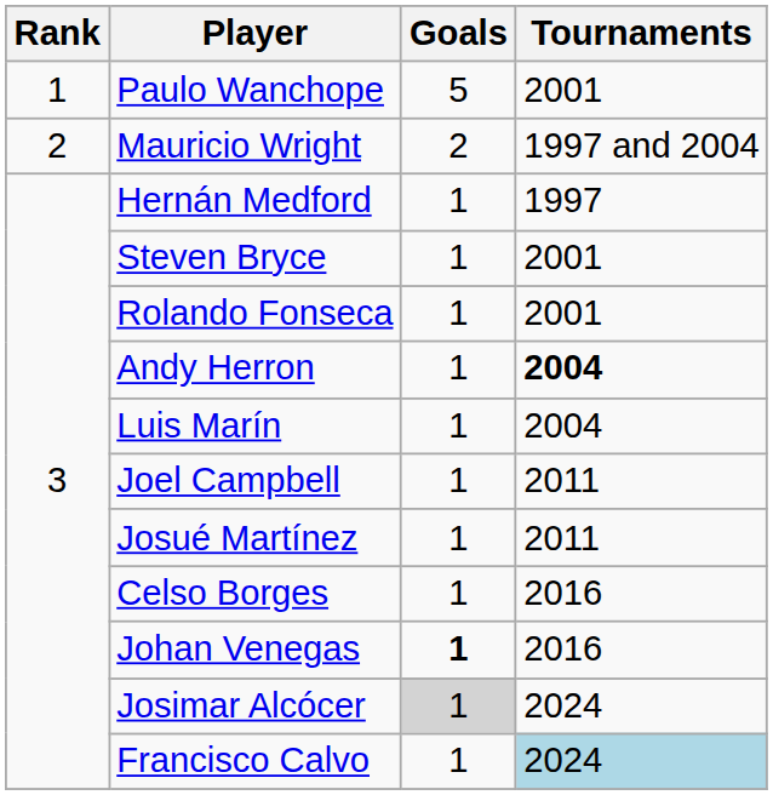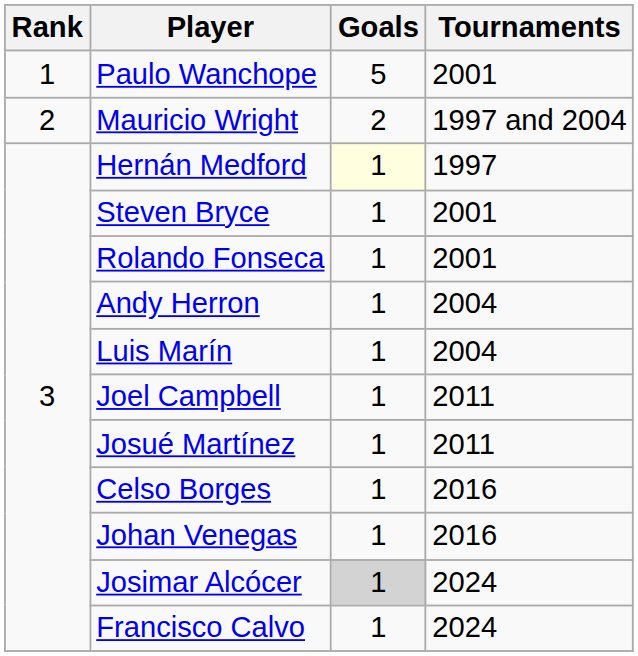 <table class="wikitable" style="text-align: left;">
 <tr>
 <th>Rank</th>
 <th>Player</th>
 <th>Goals</th>
 <th>Tournaments</th>
 </tr>
 <tr>
 <td align=center>1</td>
 <td><a href='#'>Paulo Wanchope</a></td>
 <td align=center>5</td>
 <td>2001</td>
 </tr>
 <tr>
 <td align=center>2</td>
 <td><a href='#'>Mauricio Wright</a></td>
 <td align=center>2</td>
 <td>1997 and 2004</td>
 </tr>
 <tr>
 <td rowspan=11 align=center>3</td>
 <td><a href='#'>Hernán Medford</a></td>
-<td align=center>1</td>
+<td align=center style="background: lightyellow;">1</td>
 <td>1997</td>
 </tr>
 <tr>
 <td><a href='#'>Steven Bryce</a></td>
 <td align=center>1</td>
 <td>2001</td>
 </tr>
 <tr>
 <td><a href='#'>Rolando Fonseca</a></td>
 <td align=center>1</td>
 <td>2001</td>
 </tr>
 <tr>
 <td><a href='#'>Andy Herron</a></td>
 <td align=center>1</td>
-<td><strong>2004</strong></td>
+<td>2004</td>
 </tr>
 <tr>
 <td><a href='#'>Luis Marín</a></td>
 <td align=center>1</td>
 <td>2004</td>
 </tr>
 <tr>
 <td><a href='#'>Joel Campbell</a></td>
 <td align=center>1</td>
 <td>2011</td>
 </tr>
 <tr>
 <td><a href='#'>Josué Martínez</a></td>
 <td align=center>1</td>
 <td>2011</td>
 </tr>
 <tr>
 <td><a href='#'>Celso Borges</a></td>
 <td align=center>1</td>
 <td>2016</td>
 </tr>
 <tr>
 <td><a href='#'>Johan Venegas</a></td>
-<td align=center><strong>1</strong></td>
+<td align=center>1</td>
 <td>2016</td>
 </tr>
 <tr>
 <td><a href='#'>Josimar Alcócer</a></td>
 <td align=center style="background: lightgrey;">1</td>
 <td>2024</td>
 </tr>
 <tr>
 <td><a href='#'>Francisco Calvo</a></td>
 <td align=center>1</td>
-<td style="background: lightblue;">2024</td>
+<td>2024</td>
 </tr>
 </table>
